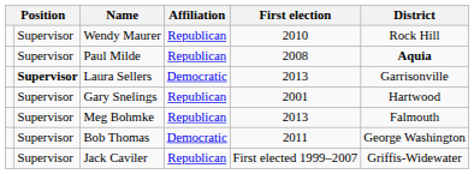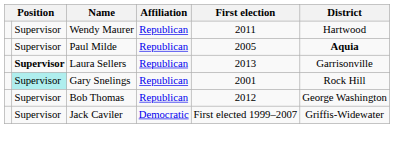 <table class=wikitable>
 <tr>
 <th colspan=2 align=center valign=bottom>Position</th>
 <th style="text-align:center;">Name</th>
 <th valign=bottom>Affiliation</th>
 <th valign=bottom align=center>First election</th>
 <th valign=bottom align=center>District</th>
 </tr>
 <tr>
 <td style="background-color:"> </td>
 <td>Supervisor</td>
 <td>Wendy Maurer</td>
 <td style="text-align:center;"><a href='#'>Republican</a></td>
-<td style="text-align:center;">2010</td>
-<td style="text-align:center;">Rock Hill</td>
+<td style="text-align:center;">2011</td>
+<td style="text-align:center;">Hartwood</td>
 </tr>
 <tr>
 <td style="background-color:"> </td>
 <td>Supervisor</td>
 <td>Paul Milde</td>
 <td style="text-align:center;"><a href='#'>Republican</a></td>
-<td style="text-align:center;">2008</td>
+<td style="text-align:center;">2005</td>
 <td style="text-align:center;"><strong>Aquia</strong></td>
 </tr>
 <tr>
 <td style="background-color:"> </td>
 <td><strong>Supervisor</strong></td>
 <td>Laura Sellers</td>
-<td style="text-align:center;"><a href='#'>Democratic</a></td>
+<td style="text-align:center;"><a href='#'>Republican</a></td>
 <td style="text-align:center;">2013</td>
 <td style="text-align:center;">Garrisonville</td>
 </tr>
 <tr>
 <td style="background-color:"> </td>
-<td>Supervisor</td>
+<td style="background: paleturquoise;">Supervisor</td>
 <td>Gary Snelings</td>
 <td style="text-align:center;"><a href='#'>Republican</a></td>
 <td style="text-align:center;">2001</td>
-<td style="text-align:center;">Hartwood</td>
-</tr>
-<tr>
-<td style="background-color:"> </td>
-<td>Supervisor</td>
-<td>Meg Bohmke</td>
-<td style="text-align:center;"><a href='#'>Republican</a></td>
-<td style="text-align:center;">2013</td>
-<td style="text-align:center;">Falmouth</td>
+<td style="text-align:center;">Rock Hill</td>
 </tr>
 <tr>
 <td style="background-color:"> </td>
 <td>Supervisor</td>
 <td>Bob Thomas</td>
-<td style="text-align:center;"><a href='#'>Democratic</a></td>
-<td style="text-align:center;">2011</td>
+<td style="text-align:center;"><a href='#'>Republican</a></td>
+<td style="text-align:center;">2012</td>
 <td style="text-align:center;">George Washington</td>
 </tr>
 <tr>
 <td style="background-color:"> </td>
 <td>Supervisor</td>
 <td>Jack Caviler</td>
-<td style="text-align:center;"><a href='#'>Republican</a></td>
+<td style="text-align:center;"><a href='#'>Democratic</a></td>
 <td style="text-align:center;">First elected 1999–2007</td>
 <td style="text-align:center;">Griffis-Widewater</td>
 </tr>
 </table>
